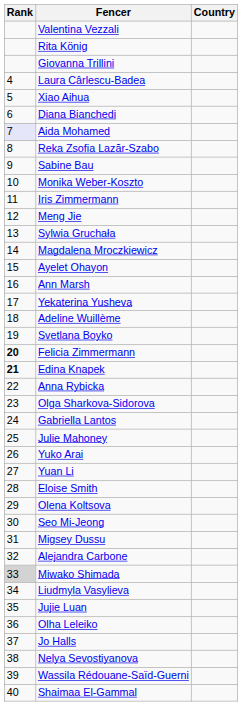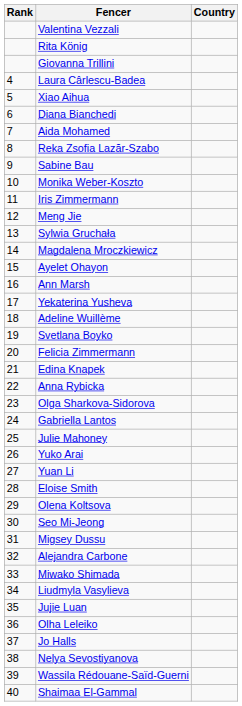 <table class="wikitable sortable" style="text-align: left;">
 <tr>
 <th>Rank</th>
 <th>Fencer</th>
 <th>Country</th>
 </tr>
 <tr>
 <td></td>
 <td><a href='#'>Valentina Vezzali</a></td>
 <td></td>
 </tr>
 <tr>
 <td></td>
 <td><a href='#'>Rita König</a></td>
 <td></td>
 </tr>
 <tr>
 <td></td>
 <td><a href='#'>Giovanna Trillini</a></td>
 <td></td>
 </tr>
 <tr>
 <td>4</td>
 <td><a href='#'>Laura Cârlescu-Badea</a></td>
 <td></td>
 </tr>
 <tr>
 <td>5</td>
 <td><a href='#'>Xiao Aihua</a></td>
 <td></td>
 </tr>
 <tr>
 <td>6</td>
 <td><a href='#'>Diana Bianchedi</a></td>
 <td></td>
 </tr>
 <tr>
-<td style="background: lavender;">7</td>
+<td>7</td>
 <td><a href='#'>Aida Mohamed</a></td>
 <td></td>
 </tr>
 <tr>
 <td>8</td>
 <td><a href='#'>Reka Zsofia Lazăr-Szabo</a></td>
 <td></td>
 </tr>
 <tr>
 <td>9</td>
 <td><a href='#'>Sabine Bau</a></td>
 <td></td>
 </tr>
 <tr>
 <td>10</td>
 <td><a href='#'>Monika Weber-Koszto</a></td>
 <td></td>
 </tr>
 <tr>
 <td>11</td>
 <td><a href='#'>Iris Zimmermann</a></td>
 <td></td>
 </tr>
 <tr>
 <td>12</td>
 <td><a href='#'>Meng Jie</a></td>
 <td></td>
 </tr>
 <tr>
 <td>13</td>
 <td><a href='#'>Sylwia Gruchała</a></td>
 <td></td>
 </tr>
 <tr>
 <td>14</td>
 <td><a href='#'>Magdalena Mroczkiewicz</a></td>
 <td></td>
 </tr>
 <tr>
 <td>15</td>
 <td><a href='#'>Ayelet Ohayon</a></td>
 <td></td>
 </tr>
 <tr>
 <td>16</td>
 <td><a href='#'>Ann Marsh</a></td>
 <td></td>
 </tr>
 <tr>
 <td>17</td>
 <td><a href='#'>Yekaterina Yusheva</a></td>
 <td></td>
 </tr>
 <tr>
 <td>18</td>
 <td><a href='#'>Adeline Wuillème</a></td>
 <td></td>
 </tr>
 <tr>
 <td>19</td>
 <td><a href='#'>Svetlana Boyko</a></td>
 <td></td>
 </tr>
 <tr>
-<td><strong>20</strong></td>
+<td>20</td>
 <td><a href='#'>Felicia Zimmermann</a></td>
 <td></td>
 </tr>
 <tr>
-<td><strong>21</strong></td>
+<td>21</td>
 <td><a href='#'>Edina Knapek</a></td>
 <td></td>
 </tr>
 <tr>
 <td>22</td>
 <td><a href='#'>Anna Rybicka</a></td>
 <td></td>
 </tr>
 <tr>
 <td>23</td>
 <td><a href='#'>Olga Sharkova-Sidorova</a></td>
 <td></td>
 </tr>
 <tr>
 <td>24</td>
 <td><a href='#'>Gabriella Lantos</a></td>
 <td></td>
 </tr>
 <tr>
 <td>25</td>
 <td><a href='#'>Julie Mahoney</a></td>
 <td></td>
 </tr>
 <tr>
 <td>26</td>
 <td><a href='#'>Yuko Arai</a></td>
 <td></td>
 </tr>
 <tr>
 <td>27</td>
 <td><a href='#'>Yuan Li</a></td>
 <td></td>
 </tr>
 <tr>
 <td>28</td>
 <td><a href='#'>Eloise Smith</a></td>
 <td></td>
 </tr>
 <tr>
 <td>29</td>
 <td><a href='#'>Olena Koltsova</a></td>
 <td></td>
 </tr>
 <tr>
 <td>30</td>
 <td><a href='#'>Seo Mi-Jeong</a></td>
 <td></td>
 </tr>
 <tr>
 <td>31</td>
 <td><a href='#'>Migsey Dussu</a></td>
 <td></td>
 </tr>
 <tr>
 <td>32</td>
 <td><a href='#'>Alejandra Carbone</a></td>
 <td></td>
 </tr>
 <tr>
-<td style="background: lightgrey;">33</td>
+<td>33</td>
 <td><a href='#'>Miwako Shimada</a></td>
 <td></td>
 </tr>
 <tr>
 <td>34</td>
 <td><a href='#'>Liudmyla Vasylieva</a></td>
 <td></td>
 </tr>
 <tr>
 <td>35</td>
 <td><a href='#'>Jujie Luan</a></td>
 <td></td>
 </tr>
 <tr>
 <td>36</td>
 <td><a href='#'>Olha Leleiko</a></td>
 <td></td>
 </tr>
 <tr>
 <td>37</td>
 <td><a href='#'>Jo Halls</a></td>
 <td></td>
 </tr>
 <tr>
 <td>38</td>
 <td><a href='#'>Nelya Sevostiyanova</a></td>
 <td></td>
 </tr>
 <tr>
 <td>39</td>
 <td><a href='#'>Wassila Rédouane-Saïd-Guerni</a></td>
 <td></td>
 </tr>
 <tr>
 <td>40</td>
 <td><a href='#'>Shaimaa El-Gammal</a></td>
 <td></td>
 </tr>
 </table>
